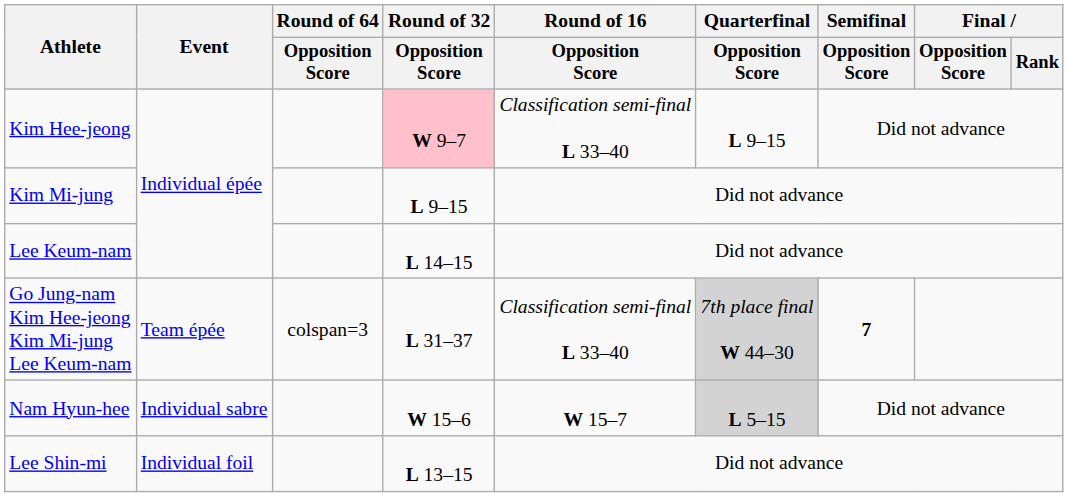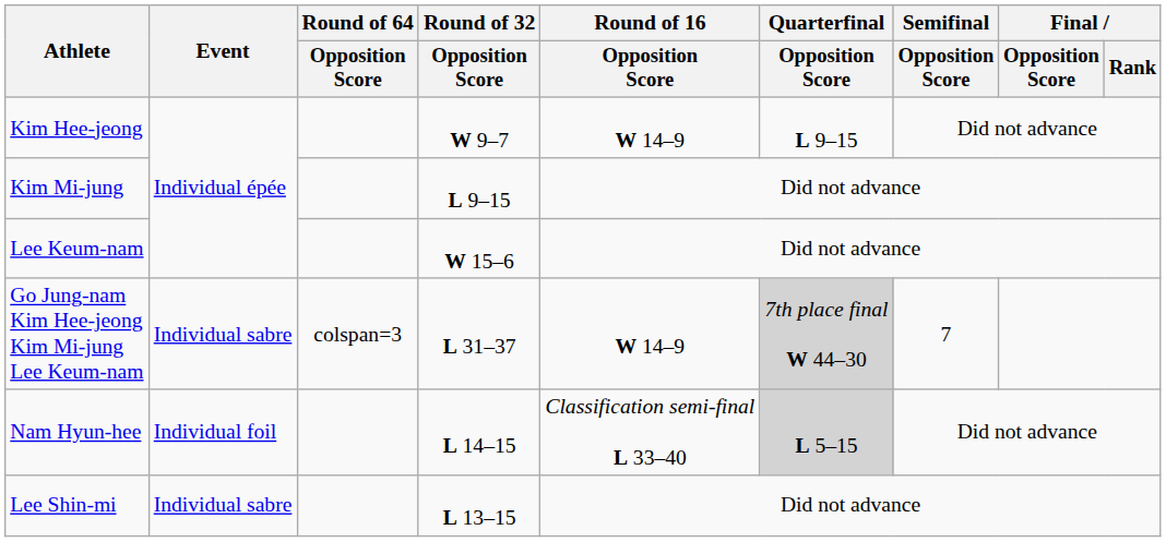 <table class="wikitable" style="font-size:90%">
 <tr>
 <th rowspan="2">Athlete</th>
 <th rowspan="2">Event</th>
 <th>Round of 64</th>
 <th>Round of 32</th>
 <th>Round of 16</th>
 <th>Quarterfinal</th>
 <th>Semifinal</th>
 <th colspan=2>Final / </th>
 </tr>
 <tr style="font-size:95%">
 <th>Opposition <br> Score</th>
 <th>Opposition <br> Score</th>
 <th>Opposition <br> Score</th>
 <th>Opposition <br> Score</th>
 <th>Opposition <br> Score</th>
 <th>Opposition <br> Score</th>
 <th>Rank</th>
 </tr>
 <tr align=center>
 <td align=left><a href='#'>Kim Hee-jeong</a></td>
 <td align=left rowspan=3><a href='#'>Individual épée</a></td>
 <td></td>
-<td style="background: pink;"><br><strong>W</strong> 9–7</td>
-<td><em>Classification semi-final</em><br><br><strong>L</strong> 33–40</td>
+<td><br><strong>W</strong> 9–7</td>
+<td><br><strong>W</strong> 14–9</td>
 <td><br><strong>L</strong> 9–15</td>
 <td colspan=3>Did not advance</td>
 </tr>
 <tr align=center>
 <td align=left><a href='#'>Kim Mi-jung</a></td>
 <td></td>
 <td><br><strong>L</strong> 9–15</td>
 <td colspan=5>Did not advance</td>
 </tr>
 <tr align=center>
 <td align=left><a href='#'>Lee Keum-nam</a></td>
 <td></td>
-<td><br><strong>L</strong> 14–15</td>
+<td><br><strong>W</strong> 15–6</td>
 <td colspan=5>Did not advance</td>
 </tr>
 <tr align=center>
 <td align=left><a href='#'>Go Jung-nam</a><br><a href='#'>Kim Hee-jeong</a><br><a href='#'>Kim Mi-jung</a><br><a href='#'>Lee Keum-nam</a></td>
-<td align=left><a href='#'>Team épée</a></td>
+<td align=left><a href='#'>Individual sabre</a></td>
 <td>colspan=3 </td>
 <td><br><strong>L</strong> 31–37</td>
-<td><em>Classification semi-final</em><br><br><strong>L</strong> 33–40</td>
+<td><br><strong>W</strong> 14–9</td>
 <td style="background: lightgrey;"><em>7th place final</em><br><br><strong>W</strong> 44–30</td>
-<td><strong>7</strong></td>
+<td>7</td>
 </tr>
 <tr align=center>
 <td align=left><a href='#'>Nam Hyun-hee</a></td>
-<td align=left><a href='#'>Individual sabre</a></td>
+<td align=left><a href='#'>Individual foil</a></td>
 <td></td>
-<td><br><strong>W</strong> 15–6</td>
-<td><br><strong>W</strong> 15–7</td>
+<td><br><strong>L</strong> 14–15</td>
+<td><em>Classification semi-final</em><br><br><strong>L</strong> 33–40</td>
 <td style="background: lightgrey;"><br><strong>L</strong> 5–15</td>
 <td colspan=3>Did not advance</td>
 </tr>
 <tr align=center>
 <td align=left><a href='#'>Lee Shin-mi</a></td>
-<td align=left><a href='#'>Individual foil</a></td>
+<td align=left><a href='#'>Individual sabre</a></td>
 <td></td>
 <td><br><strong>L</strong> 13–15</td>
 <td colspan=5>Did not advance</td>
 </tr>
 </table>
